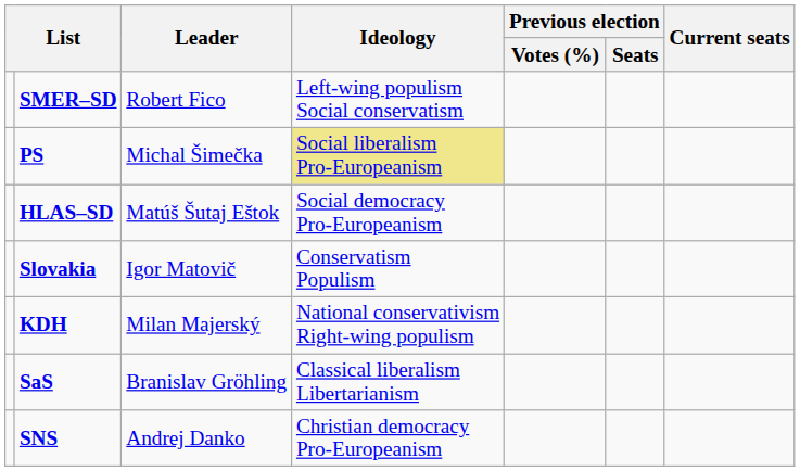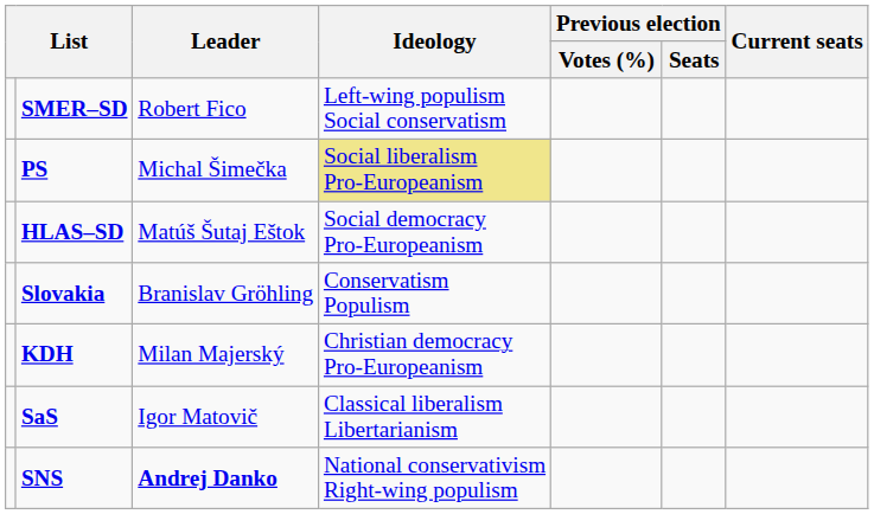 <table class="wikitable">
 <tr>
 <th colspan="2" rowspan="2">List</th>
 <th rowspan="2">Leader</th>
 <th rowspan="2">Ideology</th>
 <th colspan="2">Previous election</th>
 <th colspan="2" rowspan="2">Current seats</th>
 </tr>
 <tr>
 <th>Votes (%)</th>
 <th>Seats</th>
 </tr>
 <tr>
 <td style="background:"></td>
 <td><a href='#'><strong>SMER–SD</strong></a></td>
 <td><a href='#'>Robert Fico</a></td>
 <td><a href='#'>Left-wing populism</a><br><a href='#'>Social conservatism</a></td>
 <td></td>
 <td></td>
 <td colspan="2"></td>
 </tr>
 <tr>
 <td style="background:"></td>
 <td><a href='#'><strong>PS</strong></a></td>
 <td><a href='#'>Michal Šimečka</a></td>
 <td style="background: khaki;"><a href='#'>Social liberalism</a><br><a href='#'>Pro-Europeanism</a></td>
 <td></td>
 <td></td>
 <td colspan="2"></td>
 </tr>
 <tr>
 <td style="background:"></td>
 <td><a href='#'><strong>HLAS–SD</strong></a></td>
 <td><a href='#'>Matúš Šutaj Eštok</a></td>
 <td><a href='#'>Social democracy</a><br><a href='#'>Pro-Europeanism</a></td>
 <td></td>
 <td></td>
 <td colspan=2></td>
 </tr>
 <tr>
 <td style="background:"></td>
 <td><strong><a href='#'>Slovakia</a></strong></td>
-<td><a href='#'>Igor Matovič</a></td>
+<td><a href='#'>Branislav Gröhling</a></td>
 <td><a href='#'>Conservatism</a><br><a href='#'>Populism</a></td>
 <td></td>
 <td></td>
 <td colspan="2"></td>
 </tr>
 <tr>
 <td style="background:"></td>
 <td><a href='#'><strong>KDH</strong></a></td>
 <td><a href='#'>Milan Majerský</a></td>
-<td><a href='#'>National conservativism</a><br><a href='#'>Right-wing populism</a></td>
+<td><a href='#'>Christian democracy</a><br><a href='#'>Pro-Europeanism</a></td>
 <td></td>
 <td></td>
 <td colspan=2></td>
 </tr>
 <tr>
 <td style="background:"></td>
 <td><a href='#'><strong>SaS</strong></a></td>
-<td><a href='#'>Branislav Gröhling</a></td>
+<td><a href='#'>Igor Matovič</a></td>
 <td><a href='#'>Classical liberalism</a><br><a href='#'>Libertarianism</a></td>
 <td></td>
 <td></td>
 <td colspan="2"></td>
 </tr>
 <tr>
 <td style="background:"></td>
 <td><strong><a href='#'>SNS</a></strong></td>
-<td><a href='#'>Andrej Danko</a></td>
-<td><a href='#'>Christian democracy</a><br><a href='#'>Pro-Europeanism</a></td>
+<td><strong><a href='#'>Andrej Danko</a></strong></td>
+<td><a href='#'>National conservativism</a><br><a href='#'>Right-wing populism</a></td>
 <td></td>
 <td></td>
 <td colspan="2"></td>
 </tr>
 </table>
